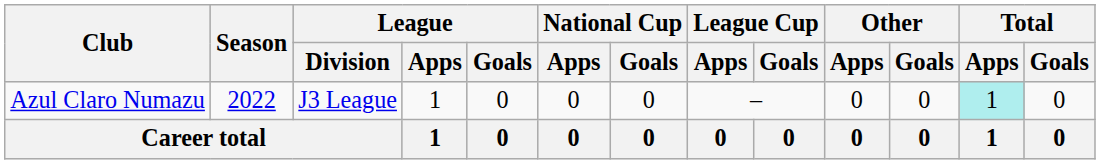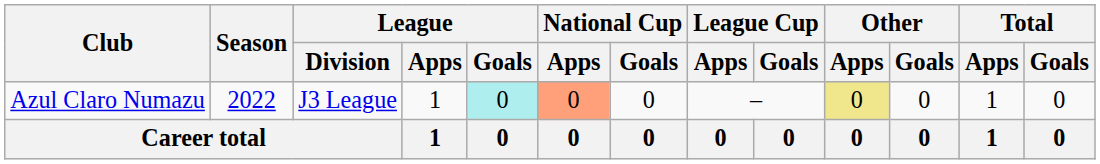 <table class="wikitable" style="text-align: center">
 <tr>
 <th rowspan="2">Club</th>
 <th rowspan="2">Season</th>
 <th colspan="3">League</th>
 <th colspan="2">National Cup</th>
 <th colspan="2">League Cup</th>
 <th colspan="2">Other</th>
 <th colspan="2">Total</th>
 </tr>
 <tr>
 <th>Division</th>
 <th>Apps</th>
 <th>Goals</th>
 <th>Apps</th>
 <th>Goals</th>
 <th>Apps</th>
 <th>Goals</th>
 <th>Apps</th>
 <th>Goals</th>
 <th>Apps</th>
 <th>Goals</th>
 </tr>
 <tr>
 <td><a href='#'>Azul Claro Numazu</a></td>
 <td><a href='#'>2022</a></td>
 <td><a href='#'>J3 League</a></td>
 <td>1</td>
-<td>0</td>
-<td>0</td>
+<td style="background: paleturquoise;">0</td>
+<td style="background: lightsalmon;">0</td>
 <td>0</td>
 <td colspan="2">–</td>
+<td style="background: khaki;">0</td>
 <td>0</td>
-<td>0</td>
-<td style="background: paleturquoise;">1</td>
+<td>1</td>
 <td>0</td>
 </tr>
 <tr>
 <th colspan=3>Career total</th>
 <th>1</th>
 <th>0</th>
 <th>0</th>
 <th>0</th>
 <th>0</th>
 <th>0</th>
 <th>0</th>
 <th>0</th>
 <th>1</th>
 <th>0</th>
 </tr>
 </table>
